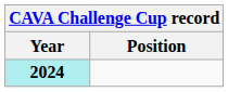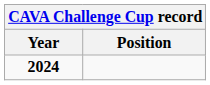 <table class="wikitable" style="text-align: center;">
 <tr>
 <th colspan=6><a href='#'>CAVA Challenge Cup</a> record</th>
 </tr>
 <tr>
 <th>Year</th>
 <th>Position</th>
 </tr>
 <tr>
-<td style="background: paleturquoise;"> <strong>2024</strong></td>
+<td> <strong>2024</strong></td>
 <td><strong></strong></td>
 </tr>
 </table>
